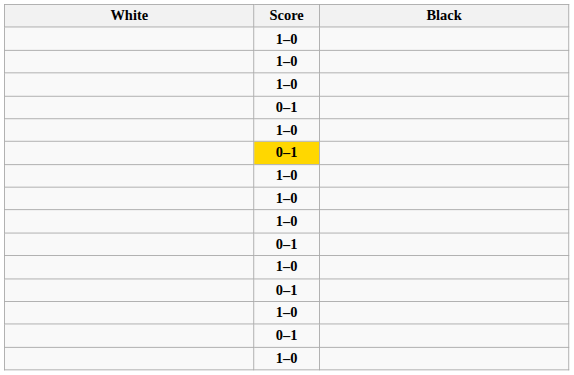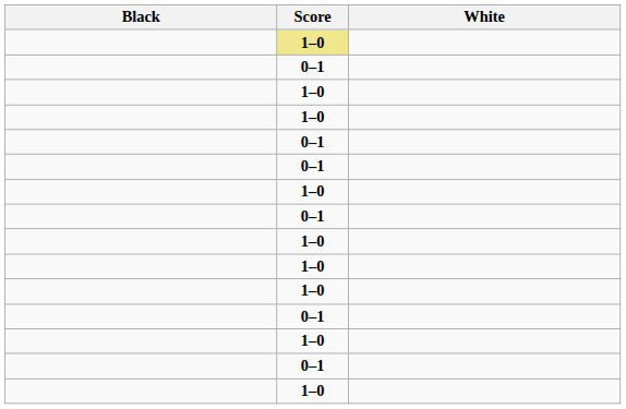 <table class="wikitable" style="text-align: center;">
 <tr>
+<th align="left" width="270">Black</th>
+<th width="65">Score</th>
 <th align="right" width="270">White</th>
-<th width="65">Score</th>
-<th align="left" width="270">Black</th>
 </tr>
 <tr>
+<td align=left></td>
+<td align=center style="background: khaki;"><strong>1–0</strong></td>
 <td align=left><strong></strong></td>
-<td align=center><strong>1–0</strong></td>
-<td align=left></td>
-</tr>
-<tr>
-<td align=left><strong></strong></td>
-<td align=center><strong>1–0</strong></td>
-<td align=left></td>
-</tr>
-<tr>
-<td align=left><strong></strong></td>
-<td align=center><strong>1–0</strong></td>
-<td align=left></td>
 </tr>
 <tr>
 <td align=left></td>
 <td align=center><strong>0–1</strong></td>
 <td align=left><strong></strong></td>
-</tr>
-<tr>
-<td align=left><strong></strong></td>
-<td align=center><strong>1–0</strong></td>
-<td align=left></td>
-</tr>
-<tr>
-<td align=left></td>
-<td align=center style="background: gold;"><strong>0–1</strong></td>
-<td align=left><strong></strong></td>
-</tr>
-<tr>
-<td align=left><strong></strong></td>
-<td align=center><strong>1–0</strong></td>
-<td align=left></td>
 </tr>
 <tr>
 <td align=left></td>
 <td align=center><strong>1–0</strong></td>
 <td align=left><strong></strong></td>
 </tr>
 <tr>
 <td align=left><strong></strong></td>
 <td align=center><strong>1–0</strong></td>
 <td align=left></td>
 </tr>
 <tr>
 <td align=left></td>
 <td align=center><strong>0–1</strong></td>
 <td align=left><strong></strong></td>
 </tr>
 <tr>
 <td align=left><strong></strong></td>
-<td align=center><strong>1–0</strong></td>
+<td align=center><strong>0–1</strong></td>
 <td align=left></td>
 </tr>
 <tr>
 <td align=left></td>
+<td align=center><strong>1–0</strong></td>
+<td align=left><strong></strong></td>
+</tr>
+<tr>
+<td align=left><strong></strong></td>
 <td align=center><strong>0–1</strong></td>
+<td align=left></td>
+</tr>
+<tr>
+<td align=left></td>
+<td align=center><strong>1–0</strong></td>
 <td align=left><strong></strong></td>
 </tr>
 <tr>
 <td align=left><strong></strong></td>
 <td align=center><strong>1–0</strong></td>
 <td align=left></td>
 </tr>
 <tr>
 <td align=left></td>
-<td align=center><strong>0–1</strong></td>
+<td align=center><strong>1–0</strong></td>
 <td align=left><strong></strong></td>
 </tr>
 <tr>
 <td align=left><strong></strong></td>
-<td align=center><strong>1–0</strong></td>
+<td align=center><strong>0–1</strong></td>
 <td align=left></td>
 </tr>
+<tr>
+<td align=left></td>
+<td align=center><strong>1–0</strong></td>
+<td align=left><strong></strong></td>
+</tr>
+<tr>
+<td align=left><strong></strong></td>
+<td align=center><strong>0–1</strong></td>
+<td align=left></td>
+</tr>
+<tr>
+<td align=left></td>
+<td align=center><strong>1–0</strong></td>
+<td align=left><strong></strong></td>
+</tr>
 </table>
